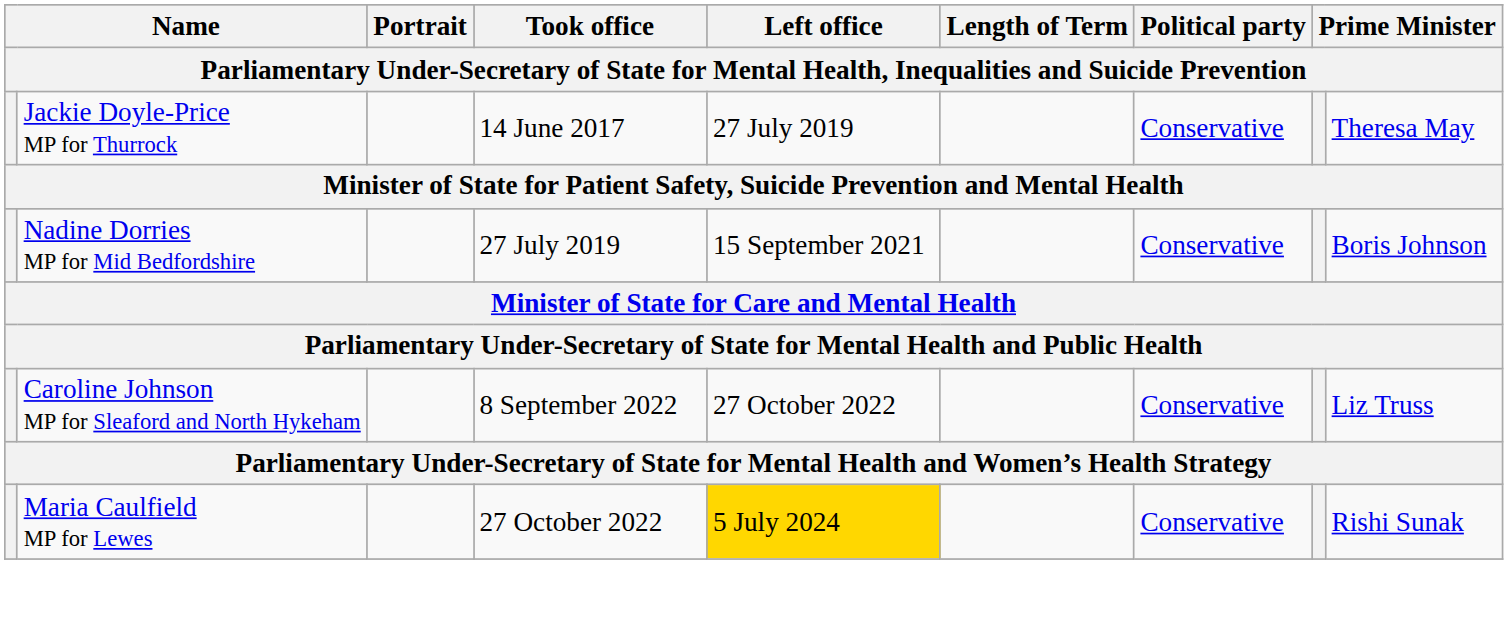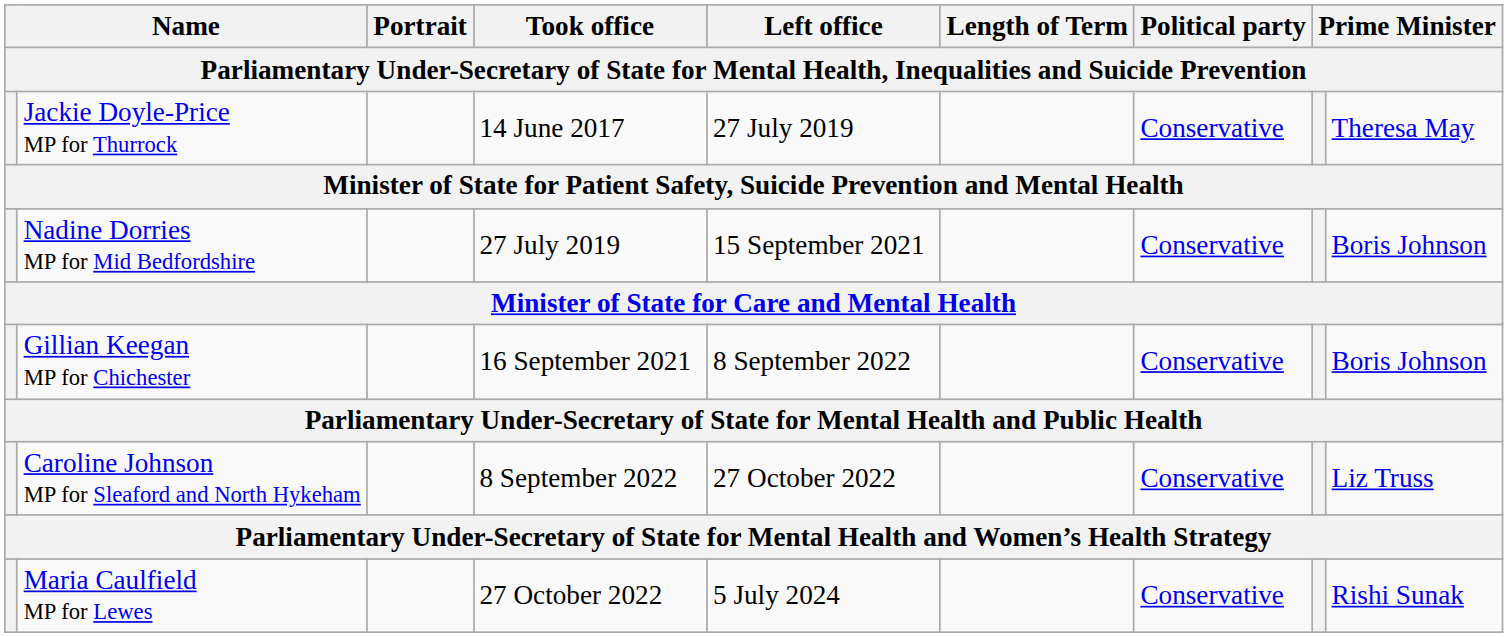 <table class="wikitable">
 <tr>
 <th colspan="2">Name</th>
 <th>Portrait</th>
 <th width="130">Took office</th>
 <th width="130">Left office</th>
 <th>Length of Term</th>
 <th>Political party</th>
 <th colspan="2">Prime Minister</th>
 </tr>
 <tr>
 <th colspan="9">Parliamentary Under-Secretary of State for Mental Health, Inequalities and Suicide Prevention</th>
 </tr>
 <tr>
 <th style="background-color: "></th>
 <td><a href='#'>Jackie Doyle-Price</a> <br> <small>MP for <a href='#'>Thurrock</a></small></td>
 <td></td>
 <td>14 June 2017</td>
 <td>27 July 2019</td>
 <td></td>
 <td><a href='#'>Conservative</a></td>
 <th style="background-color: "></th>
 <td><a href='#'>Theresa May</a></td>
 </tr>
 <tr>
 <th colspan="9">Minister of State for Patient Safety, Suicide Prevention and Mental Health</th>
 </tr>
 <tr>
 <th style="background-color: "></th>
 <td><a href='#'>Nadine Dorries</a> <br> <small>MP for <a href='#'>Mid Bedfordshire</a></small></td>
 <td></td>
 <td>27 July 2019</td>
 <td>15 September 2021</td>
 <td></td>
 <td><a href='#'>Conservative</a></td>
 <th style="background-color: "></th>
 <td><a href='#'>Boris Johnson</a></td>
 </tr>
 <tr>
 <th colspan="9"><a href='#'>Minister of State for Care and Mental Health</a></th>
 </tr>
 <tr>
+<th style="background-color: "></th>
+<td><a href='#'>Gillian Keegan</a> <br> <small>MP for <a href='#'>Chichester</a></small></td>
+<td></td>
+<td>16 September 2021</td>
+<td>8 September 2022</td>
+<td></td>
+<td><a href='#'>Conservative</a></td>
+<th style="background-color: "></th>
+<td><a href='#'>Boris Johnson</a></td>
+</tr>
+<tr>
 <th colspan="9">Parliamentary Under-Secretary of State for Mental Health and Public Health</th>
 </tr>
 <tr>
 <th style="background-color: "></th>
 <td><a href='#'>Caroline Johnson</a> <br> <small>MP for <a href='#'>Sleaford and North Hykeham</a></small></td>
 <td></td>
 <td>8 September 2022</td>
 <td>27 October 2022</td>
 <td></td>
 <td><a href='#'>Conservative</a></td>
 <th style="background-color: "></th>
 <td><a href='#'>Liz Truss</a></td>
 </tr>
 <tr>
 <th colspan="9">Parliamentary Under-Secretary of State for Mental Health and Women’s Health Strategy</th>
 </tr>
 <tr>
 <th style="background-color: "></th>
 <td><a href='#'>Maria Caulfield</a> <br> <small>MP for <a href='#'>Lewes</a></small></td>
 <td></td>
 <td>27 October 2022</td>
-<td style="background: gold;">5 July 2024</td>
+<td>5 July 2024</td>
 <td></td>
 <td><a href='#'>Conservative</a></td>
 <th style="background-color: "></th>
 <td><a href='#'>Rishi Sunak</a></td>
 </tr>
 </table>
